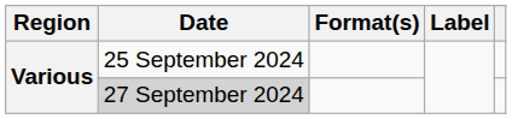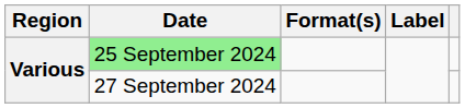 <table class="wikitable plainrowheaders">
 <tr>
 <th scope="col">Region</th>
 <th scope="col">Date</th>
 <th scope="col">Format(s)</th>
 <th scope="col">Label</th>
 <th scope="col"></th>
 </tr>
 <tr>
 <th scope="row" rowspan="2">Various</th>
-<td>25 September 2024</td>
+<td style="background: lightgreen;">25 September 2024</td>
 <td></td>
 <td rowspan="2"></td>
 <td style="text-align:center"></td>
 </tr>
 <tr>
-<td style="background: lightgrey;">27 September 2024</td>
+<td>27 September 2024</td>
 <td></td>
 <td style="text-align:center"></td>
 </tr>
 </table>
